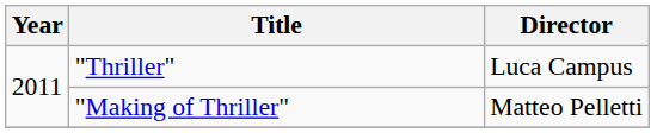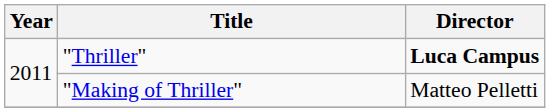 <table class="wikitable" border="1">
 <tr>
 <th>Year</th>
 <th width="250">Title</th>
 <th>Director</th>
 </tr>
 <tr>
 <td rowspan="2">2011</td>
 <td>"<a href='#'>Thriller</a>"</td>
-<td>Luca Campus</td>
+<td><strong>Luca Campus</strong></td>
 </tr>
 <tr>
 <td>"<a href='#'>Making of Thriller</a>"</td>
 <td>Matteo Pelletti</td>
 </tr>
 <tr>
 </tr>
 </table>
